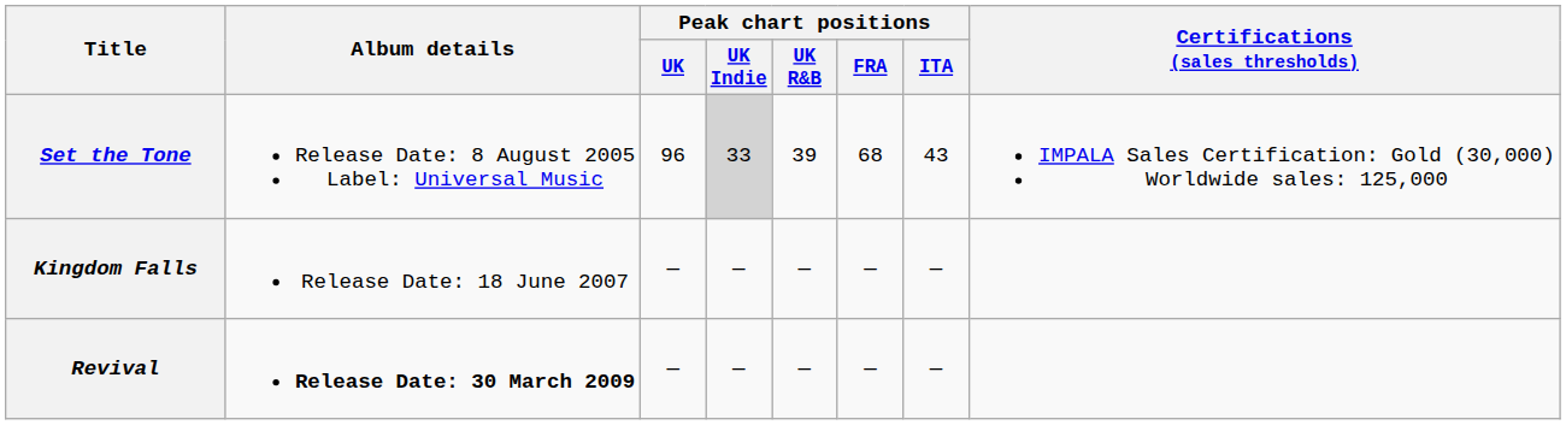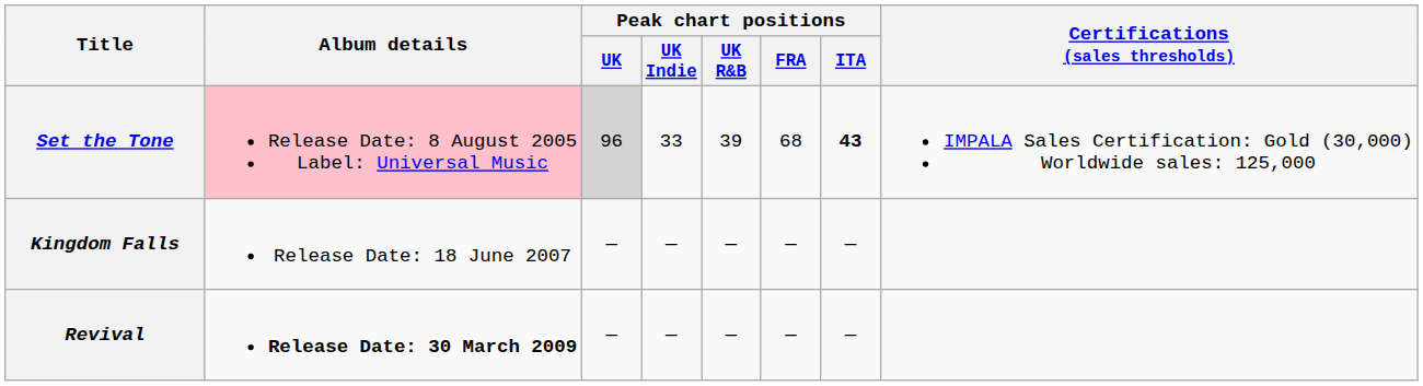 <table class="wikitable plainrowheaders" style="text-align:center;">
 <tr>
 <th scope="col" rowspan="2" style="width:10em;">Title</th>
 <th scope="col" rowspan="2">Album details</th>
 <th scope="col" colspan="5">Peak chart positions</th>
 <th scope="col" rowspan="2"><a href='#'>Certifications</a><br><small><a href='#'>(sales thresholds)</a></small></th>
 </tr>
 <tr>
 <th scope="col" style="width:3em;font-size:90%;"><a href='#'>UK</a><br></th>
 <th scope="col" style="width:3em;font-size:90%;"><a href='#'>UK<br>Indie</a><br></th>
 <th scope="col" style="width:3em;font-size:90%;"><a href='#'>UK<br>R&B</a><br></th>
 <th scope="col" style="width:3em;font-size:90%;"><a href='#'>FRA</a><br></th>
 <th scope="col" style="width:3em;font-size:90%;"><a href='#'>ITA</a><br></th>
 </tr>
 <tr>
 <th scope="row"><em><a href='#'>Set the Tone</a></em></th>
-<td><br><ul><li>Release Date: 8 August 2005</li><li>Label: <a href='#'>Universal Music</a></li></ul></td>
-<td>96</td>
-<td style="background: lightgrey;">33</td>
+<td style="background: pink;"><br><ul><li>Release Date: 8 August 2005</li><li>Label: <a href='#'>Universal Music</a></li></ul></td>
+<td style="background: lightgrey;">96</td>
+<td>33</td>
 <td>39</td>
 <td>68</td>
-<td>43</td>
+<td><strong>43</strong></td>
 <td><br><ul><li><a href='#'>IMPALA</a> Sales Certification: Gold (30,000)</li><li>Worldwide sales: 125,000</li></ul></td>
 </tr>
 <tr>
 <th scope="row"><em>Kingdom Falls</em></th>
 <td><br><ul><li>Release Date: 18 June 2007</li></ul></td>
 <td>—</td>
 <td>—</td>
 <td>—</td>
 <td>—</td>
 <td>—</td>
 <td></td>
 </tr>
 <tr>
 <th scope="row"><em>Revival</em></th>
 <td><strong><br><ul><li>Release Date: 30 March 2009</li></ul></strong></td>
 <td>—</td>
 <td>—</td>
 <td>—</td>
 <td>—</td>
 <td>—</td>
 <td></td>
 </tr>
 </table>
